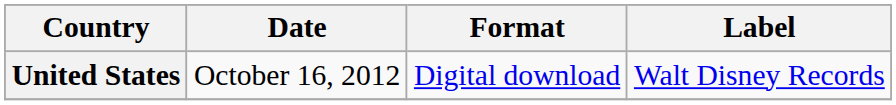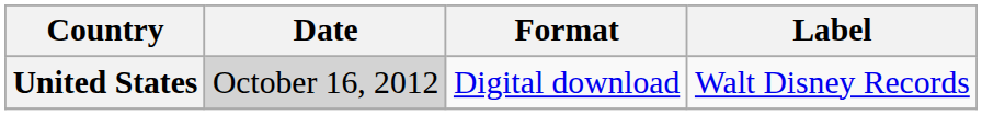 <table class="wikitable plainrowheaders">
 <tr>
 <th scope="col">Country</th>
 <th scope="col">Date</th>
 <th scope="col">Format</th>
 <th scope="col">Label</th>
 </tr>
 <tr>
 <th scope="row">United States</th>
-<td>October 16, 2012</td>
+<td style="background: lightgrey;">October 16, 2012</td>
 <td><a href='#'>Digital download</a></td>
 <td><a href='#'>Walt Disney Records</a></td>
 </tr>
 <tr>
 </tr>
 </table>
